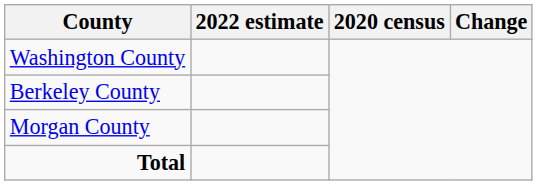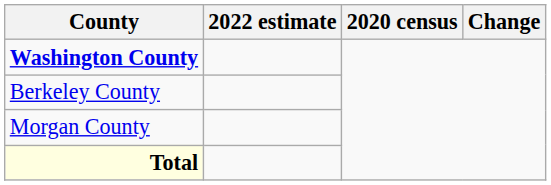 <table class="wikitable sortable">
 <tr>
 <th>County</th>
 <th>2022 estimate</th>
 <th>2020 census</th>
 <th>Change</th>
 </tr>
 <tr>
-<td><a href='#'>Washington County</a></td>
+<td><strong><a href='#'>Washington County</a></strong></td>
 <td></td>
 </tr>
 <tr>
 <td><a href='#'>Berkeley County</a></td>
 <td></td>
 </tr>
 <tr>
 <td><a href='#'>Morgan County</a></td>
 <td></td>
 </tr>
 <tr class=sortbottom>
-<td align=right><strong>Total</strong></td>
+<td align=right style="background: lightyellow;"><strong>Total</strong></td>
 <td></td>
 </tr>
 </table>
